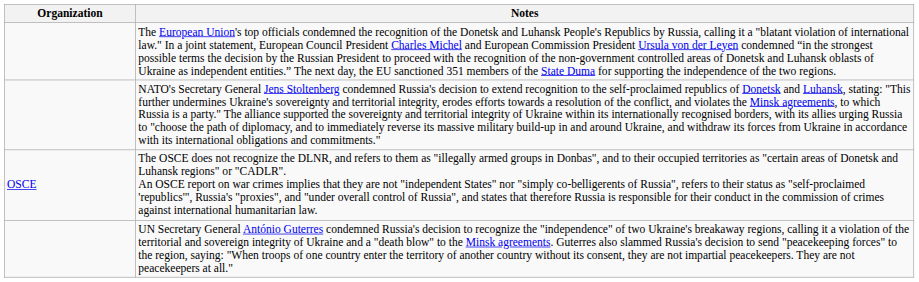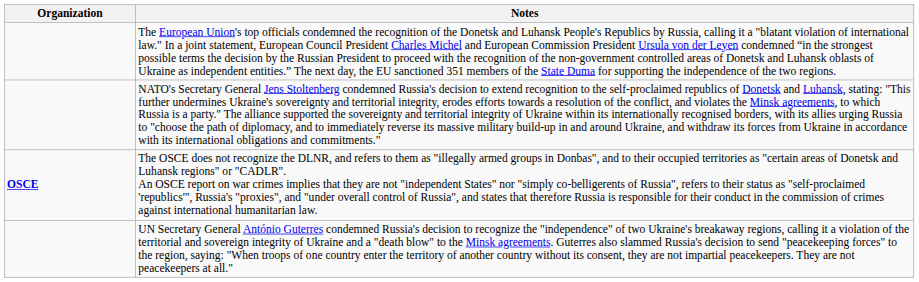 <table class="wikitable sortable" align=center width=100%>
 <tr>
 <th width="175px">Organization</th>
 <th class="unsortable">Notes</th>
 </tr>
 <tr>
 <td></td>
 <td>The <a href='#'>European Union</a>'s top officials condemned the recognition of the Donetsk and Luhansk People's Republics by Russia, calling it a "blatant violation of international law." In a joint statement, European Council President <a href='#'>Charles Michel</a> and European Commission President <a href='#'>Ursula von der Leyen</a> condemned “in the strongest possible terms the decision by the Russian President to proceed with the recognition of the non-government controlled areas of Donetsk and Luhansk oblasts of Ukraine as independent entities.” The next day, the EU sanctioned 351 members of the <a href='#'>State Duma</a> for supporting the independence of the two regions.</td>
 </tr>
 <tr>
 <td></td>
 <td>NATO's Secretary General <a href='#'>Jens Stoltenberg</a> condemned Russia's decision to extend recognition to the self-proclaimed republics of <a href='#'>Donetsk</a> and <a href='#'>Luhansk</a>, stating: "This further undermines Ukraine's sovereignty and territorial integrity, erodes efforts towards a resolution of the conflict, and violates the <a href='#'>Minsk agreements</a>, to which Russia is a party." The alliance supported the sovereignty and territorial integrity of Ukraine within its internationally recognised borders, with its allies urging Russia to "choose the path of diplomacy, and to immediately reverse its massive military build-up in and around Ukraine, and withdraw its forces from Ukraine in accordance with its international obligations and commitments."</td>
 </tr>
 <tr>
-<td> <a href='#'>OSCE</a></td>
+<td><strong> <a href='#'>OSCE</a></strong></td>
 <td>The OSCE does not recognize the DLNR, and refers to them as "illegally armed groups in Donbas", and to their occupied territories as "certain areas of Donetsk and Luhansk regions" or "CADLR".<br>An OSCE report on war crimes implies that they are not "independent States" nor "simply co-belligerents of Russia", refers to their status as "self-proclaimed 'republics'", Russia's "proxies", and "under overall control of Russia", and states that therefore Russia is responsible for their conduct in the commission of crimes against international humanitarian law.</td>
 </tr>
 <tr>
 <td></td>
 <td>UN Secretary General <a href='#'>António Guterres</a> condemned Russia's decision to recognize the "independence" of two Ukraine's breakaway regions, calling it a violation of the territorial and sovereign integrity of Ukraine and a "death blow" to the <a href='#'>Minsk agreements</a>. Guterres also slammed Russia's decision to send "peacekeeping forces" to the region, saying: "When troops of one country enter the territory of another country without its consent, they are not impartial peacekeepers. They are not peacekeepers at all."</td>
 </tr>
 </table>
